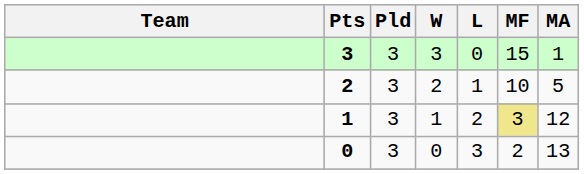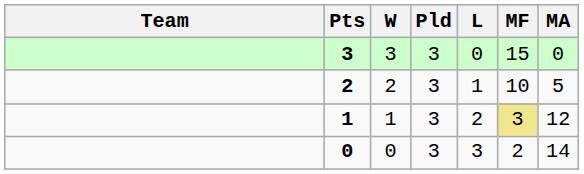 <table class=wikitable style="text-align:center">
 <tr>
 <th width=200>Team</th>
 <th width=20>Pts</th>
+<th width=20>W</th>
 <th width=20>Pld</th>
-<th width=20>W</th>
 <th width=20>L</th>
 <th width=20>MF</th>
 <th width=20>MA</th>
 </tr>
 <tr bgcolor=ccffcc>
 <td style="text-align:left"><strong></strong></td>
 <td><strong>3</strong></td>
 <td>3</td>
 <td>3</td>
 <td>0</td>
 <td>15</td>
-<td>1</td>
+<td>0</td>
 </tr>
 <tr>
 <td style="text-align:left"></td>
 <td><strong>2</strong></td>
+<td>2</td>
 <td>3</td>
-<td>2</td>
 <td>1</td>
 <td>10</td>
 <td>5</td>
 </tr>
 <tr>
 <td style="text-align:left"></td>
 <td><strong>1</strong></td>
+<td>1</td>
 <td>3</td>
-<td>1</td>
 <td>2</td>
 <td style="background: khaki;">3</td>
 <td>12</td>
 </tr>
 <tr>
 <td style="text-align:left"></td>
 <td><strong>0</strong></td>
-<td>3</td>
 <td>0</td>
 <td>3</td>
+<td>3</td>
 <td>2</td>
-<td>13</td>
+<td>14</td>
 </tr>
 </table>
